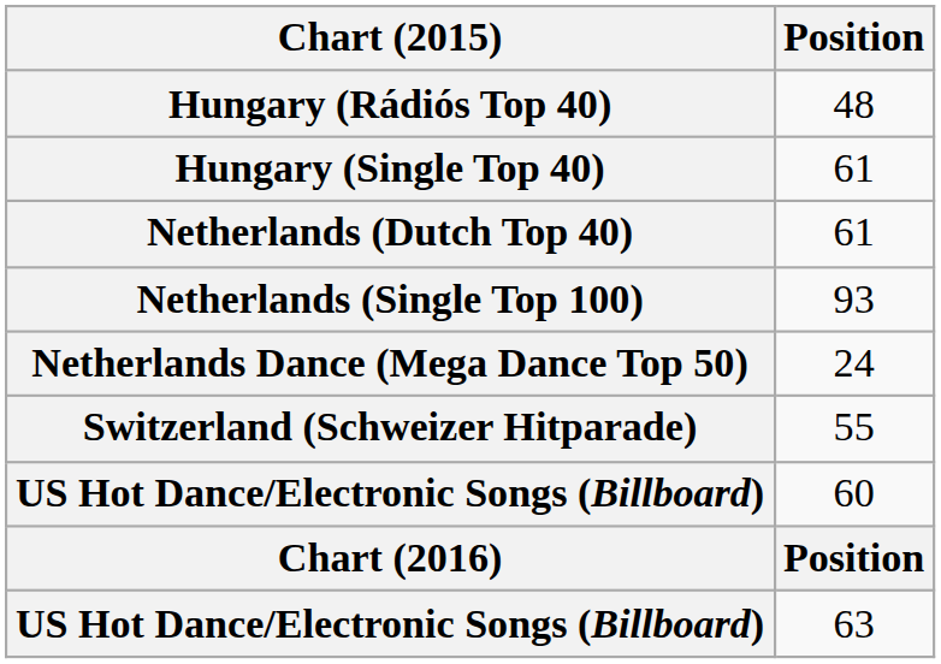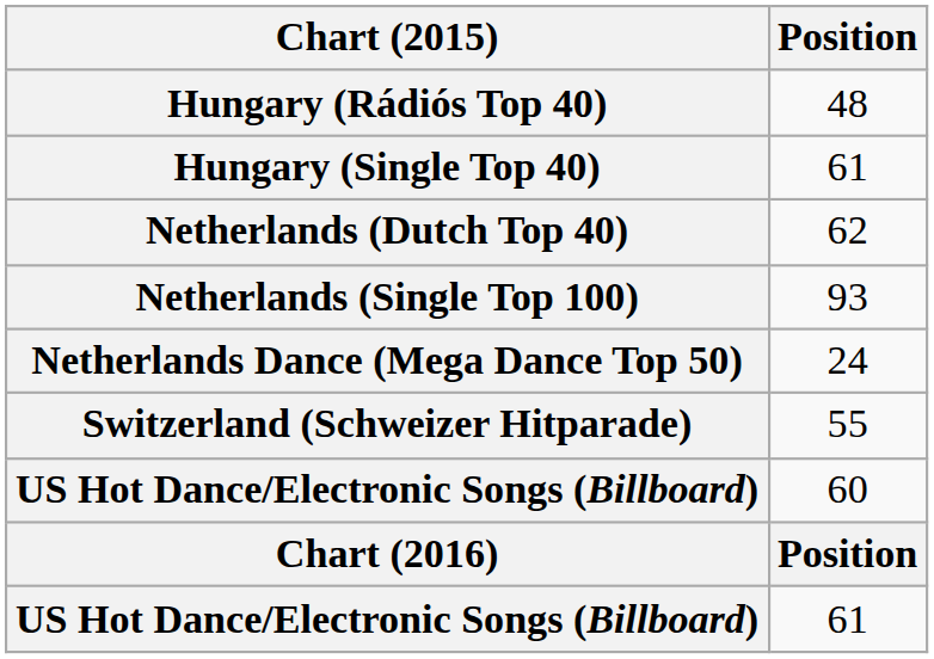 <table class="wikitable sortable plainrowheaders" style="text-align:center">
 <tr>
 <th scope="col">Chart (2015)</th>
 <th scope="col">Position</th>
 </tr>
 <tr>
 <th scope="row">Hungary (Rádiós Top 40)</th>
 <td>48</td>
 </tr>
 <tr>
 <th scope="row">Hungary (Single Top 40)</th>
 <td>61</td>
 </tr>
 <tr>
 <th scope="row">Netherlands (Dutch Top 40)</th>
-<td>61</td>
+<td>62</td>
 </tr>
 <tr>
 <th scope="row">Netherlands (Single Top 100)</th>
 <td>93</td>
 </tr>
 <tr>
 <th scope="row">Netherlands Dance (Mega Dance Top 50)</th>
 <td>24</td>
 </tr>
 <tr>
 <th scope="row">Switzerland (Schweizer Hitparade)</th>
 <td>55</td>
 </tr>
 <tr>
 <th scope="row">US Hot Dance/Electronic Songs (<em>Billboard</em>)</th>
 <td>60</td>
 </tr>
 <tr>
 <th scope="col">Chart (2016)</th>
 <th scope="col">Position</th>
 </tr>
 <tr>
 <th scope="row">US Hot Dance/Electronic Songs (<em>Billboard</em>)</th>
-<td>63</td>
+<td>61</td>
 </tr>
 </table>
